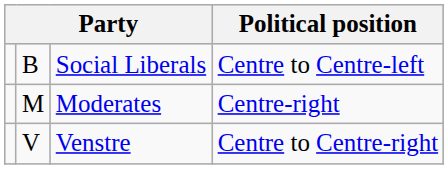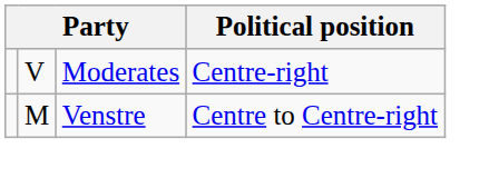 <table class="wikitable">
 <tr>
 <th colspan="3">Party</th>
 <th>Political position</th>
 </tr>
 <tr>
 <td></td>
-<td>B</td>
-<td><a href='#'>Social Liberals</a></td>
-<td><a href='#'>Centre</a> to <a href='#'>Centre-left</a></td>
-</tr>
-<tr>
-<td></td>
-<td>M</td>
+<td>V</td>
 <td><a href='#'>Moderates</a></td>
 <td><a href='#'>Centre-right</a></td>
 </tr>
 <tr>
 <td></td>
-<td>V</td>
+<td>M</td>
 <td><a href='#'>Venstre</a></td>
 <td><a href='#'>Centre</a> to <a href='#'>Centre-right</a></td>
 </tr>
 </table>
